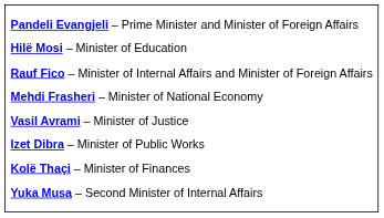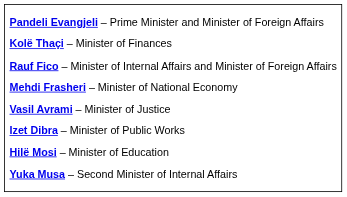 <table cellpadding="1" cellspacing="5" style="border:1px solid #000000; font-size:85%; line-height: 1.5em;">
 <tr>
 <td align="center"></td>
 </tr>
 <tr>
 <td><strong><a href='#'>Pandeli Evangjeli</a></strong> – Prime Minister and Minister of Foreign Affairs</td>
 </tr>
 <tr>
-<td><strong><a href='#'>Hilë Mosi</a></strong> – Minister of Education</td>
+<td><strong><a href='#'>Kolë Thaçi</a></strong> – Minister of Finances</td>
 </tr>
 <tr>
 <td><strong><a href='#'>Rauf Fico</a></strong> – Minister of Internal Affairs and Minister of Foreign Affairs</td>
 </tr>
 <tr>
 <td><strong><a href='#'>Mehdi Frasheri</a></strong> – Minister of National Economy</td>
 </tr>
 <tr>
 <td><strong><a href='#'>Vasil Avrami</a></strong> – Minister of Justice</td>
 </tr>
 <tr>
 <td><strong><a href='#'>Izet Dibra</a></strong> – Minister of Public Works</td>
 </tr>
 <tr>
-<td><strong><a href='#'>Kolë Thaçi</a></strong> – Minister of Finances</td>
+<td><strong><a href='#'>Hilë Mosi</a></strong> – Minister of Education</td>
 </tr>
 <tr>
 <td><strong><a href='#'>Yuka Musa</a></strong> – Second Minister of Internal Affairs</td>
 </tr>
 <tr>
 </tr>
 </table>
